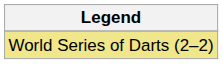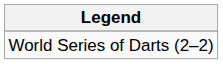 <table class="wikitable">
 <tr>
 <th>Legend</th>
 </tr>
 <tr style="background:#afeeee;">
 </tr>
 <tr>
-<td style="background: khaki;">World Series of Darts (2–2)</td>
+<td>World Series of Darts (2–2)</td>
 </tr>
 </table>
